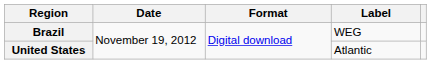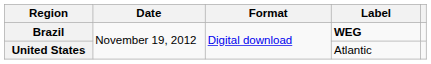 <table class="wikitable plainrowheaders">
 <tr>
 <th scope="col" style="width:7.2em;">Region</th>
 <th scope="col" style="width:9.3em;">Date</th>
 <th scope="col" style="width:10.5em;">Format</th>
 <th scope="col" style="width:7.3em;">Label</th>
 <th scope="col"></th>
 </tr>
 <tr>
 <th scope="row">Brazil</th>
 <td rowspan="2">November 19, 2012</td>
 <td rowspan="2"><a href='#'>Digital download</a><br></td>
-<td>WEG</td>
+<td><strong>WEG</strong></td>
 <td style="text-align:center;"></td>
 </tr>
 <tr>
 <th scope="row">United States</th>
 <td rowspan="2">Atlantic</td>
 <td style="text-align:center;"></td>
 </tr>
 </table>
